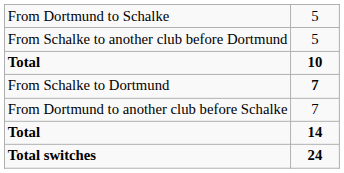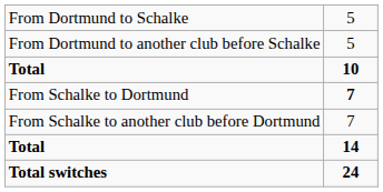 <table class="wikitable">
 <tr>
 <td>From Dortmund to Schalke</td>
 <td style="text-align:center; width:45px;">5</td>
 </tr>
 <tr>
-<td>From Schalke to another club before Dortmund</td>
+<td>From Dortmund to another club before Schalke</td>
 <td style="text-align:center;">5</td>
 </tr>
 <tr>
 <td><strong>Total</strong></td>
 <td style="text-align:center;"><strong>10</strong></td>
 </tr>
 <tr>
 <td>From Schalke to Dortmund</td>
 <td style="text-align:center;"><strong>7</strong></td>
 </tr>
 <tr>
-<td>From Dortmund to another club before Schalke</td>
+<td>From Schalke to another club before Dortmund</td>
 <td style="text-align:center;">7</td>
 </tr>
 <tr>
 <td><strong>Total</strong></td>
 <td style="text-align:center;"><strong>14</strong></td>
 </tr>
 <tr>
 <td><strong>Total switches</strong></td>
 <td style="text-align:center;"><strong>24</strong></td>
 </tr>
 </table>
